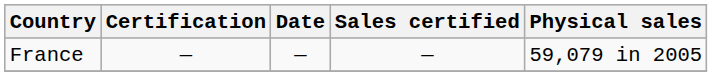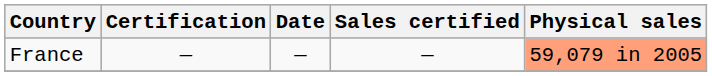 <table class="wikitable sortable">
 <tr>
 <th bgcolor="#ebf5ff">Country</th>
 <th bgcolor="#ebf5ff">Certification</th>
 <th bgcolor="#ebf5ff">Date</th>
 <th bgcolor="#ebf5ff">Sales certified</th>
 <th bgcolor="#ebf5ff">Physical sales</th>
 </tr>
 <tr>
 <td>France</td>
 <td align="center">—</td>
 <td align="center">—</td>
 <td align="center">—</td>
-<td align="center">59,079 in 2005</td>
+<td align="center" style="background: lightsalmon;">59,079 in 2005</td>
 </tr>
 <tr>
 </tr>
 </table>
